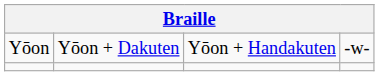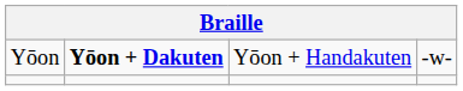 <table class="wikitable" style="text-align:center">
 <tr>
 <th colspan=4><a href='#'>Braille</a></th>
 </tr>
 <tr>
 <td>Yōon</td>
-<td>Yōon + <a href='#'>Dakuten</a></td>
+<td><strong>Yōon + <a href='#'>Dakuten</a></strong></td>
 <td>Yōon + <a href='#'>Handakuten</a></td>
 <td>-w-</td>
 </tr>
 <tr>
 <td></td>
 <td></td>
 <td></td>
 <td></td>
 </tr>
 </table>
